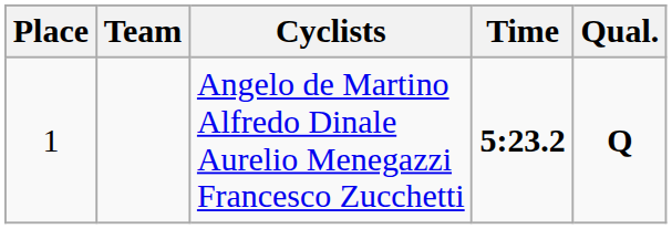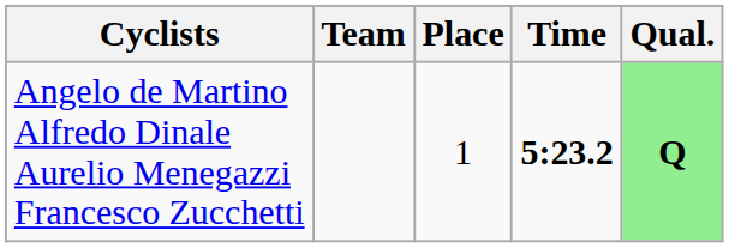 <table class=wikitable style="text-align:center">
 <tr>
+<th>Cyclists</th>
+<th>Team</th>
 <th>Place</th>
-<th>Team</th>
-<th>Cyclists</th>
 <th>Time</th>
 <th>Qual.</th>
 </tr>
 <tr>
+<td align=left><a href='#'>Angelo de Martino</a> <br> <a href='#'>Alfredo Dinale</a> <br> <a href='#'>Aurelio Menegazzi</a> <br> <a href='#'>Francesco Zucchetti</a></td>
+<td align=left></td>
 <td>1</td>
-<td align=left></td>
-<td align=left><a href='#'>Angelo de Martino</a> <br> <a href='#'>Alfredo Dinale</a> <br> <a href='#'>Aurelio Menegazzi</a> <br> <a href='#'>Francesco Zucchetti</a></td>
 <td><strong>5:23.2</strong></td>
-<td><strong>Q</strong></td>
+<td style="background: lightgreen;"><strong>Q</strong></td>
 </tr>
 </table>
